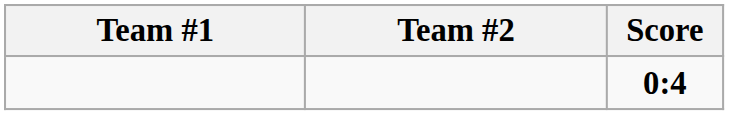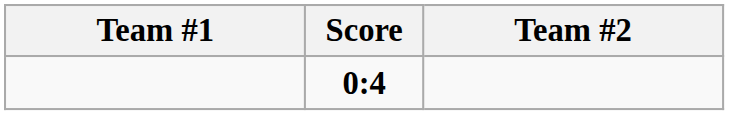 <table class="wikitable" style="text-align:center;">
 <tr>
 <th width=140>Team #1</th>
+<th width=50>Score</th>
 <th width=140>Team #2</th>
-<th width=50>Score</th>
 </tr>
 <tr>
 <td style="text-align:right;"></td>
+<td><strong>0:4</strong></td>
 <td style="text-align:left;"></td>
-<td><strong>0:4</strong></td>
 </tr>
 </table>
